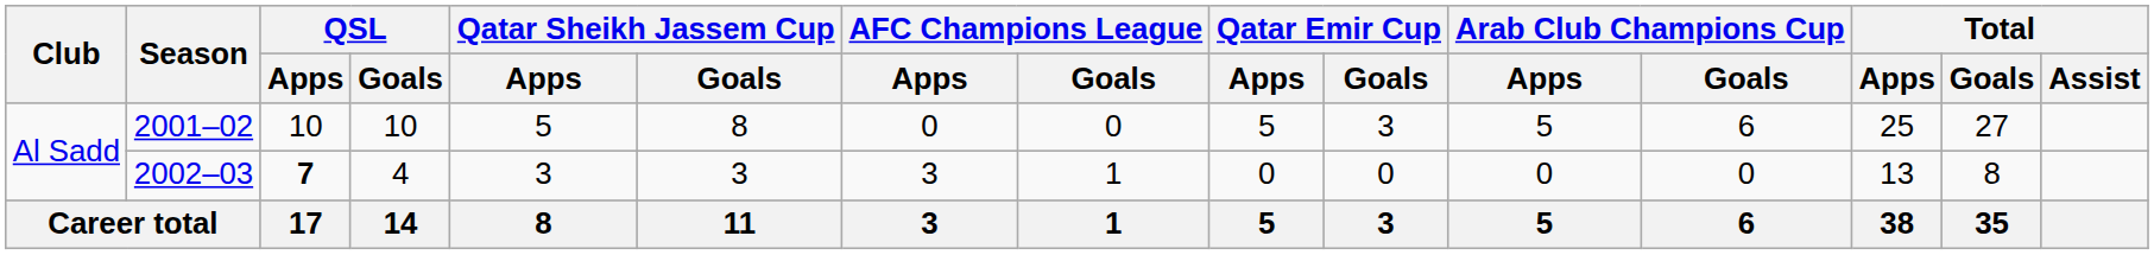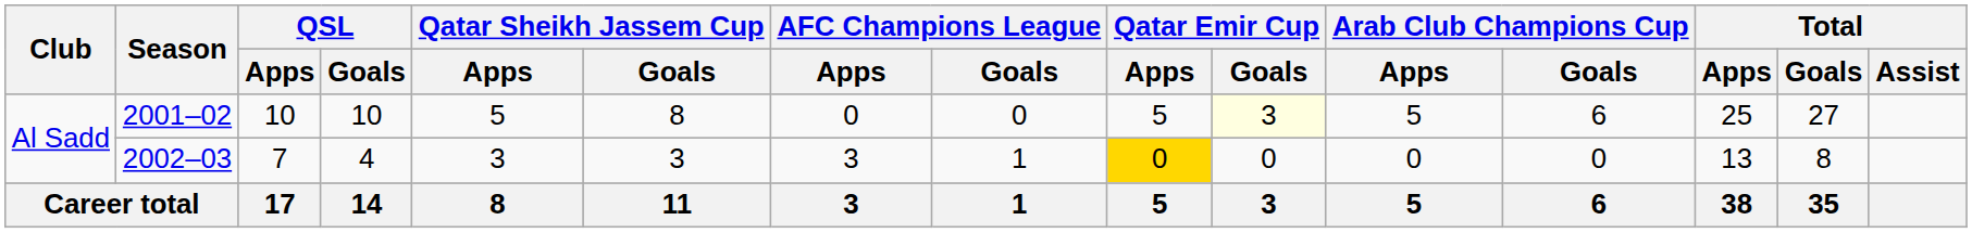 <table class="wikitable" style="text-align: center">
 <tr>
 <th rowspan="2">Club</th>
 <th rowspan="2">Season</th>
 <th colspan="2"><a href='#'>QSL</a></th>
 <th colspan="2"><a href='#'>Qatar Sheikh Jassem Cup</a></th>
 <th colspan="2"><a href='#'>AFC Champions League</a></th>
 <th colspan="2"><a href='#'>Qatar Emir Cup</a></th>
 <th colspan="2"><a href='#'>Arab Club Champions Cup</a></th>
 <th colspan="3">Total</th>
 </tr>
 <tr>
 <th>Apps</th>
 <th>Goals</th>
 <th>Apps</th>
 <th>Goals</th>
 <th>Apps</th>
 <th>Goals</th>
 <th>Apps</th>
 <th>Goals</th>
 <th>Apps</th>
 <th>Goals</th>
 <th>Apps</th>
 <th>Goals</th>
 <th>Assist</th>
 </tr>
 <tr>
 <td rowspan="2"><a href='#'>Al Sadd</a></td>
 <td><a href='#'>2001–02</a></td>
 <td>10</td>
 <td>10</td>
 <td>5</td>
 <td>8</td>
 <td>0</td>
 <td>0</td>
 <td>5</td>
-<td>3</td>
+<td style="background: lightyellow;">3</td>
 <td>5</td>
 <td>6</td>
 <td>25</td>
 <td>27</td>
 <td></td>
 </tr>
 <tr>
 <td><a href='#'>2002–03</a></td>
-<td><strong>7</strong></td>
+<td>7</td>
 <td>4</td>
 <td>3</td>
 <td>3</td>
 <td>3</td>
 <td>1</td>
-<td>0</td>
+<td style="background: gold;">0</td>
 <td>0</td>
 <td>0</td>
 <td>0</td>
 <td>13</td>
 <td>8</td>
 <td></td>
 </tr>
 <tr>
 <th colspan="2">Career total</th>
 <th>17</th>
 <th>14</th>
 <th>8</th>
 <th>11</th>
 <th>3</th>
 <th>1</th>
 <th>5</th>
 <th>3</th>
 <th>5</th>
 <th>6</th>
 <th>38</th>
 <th>35</th>
 <th></th>
 </tr>
 </table>
